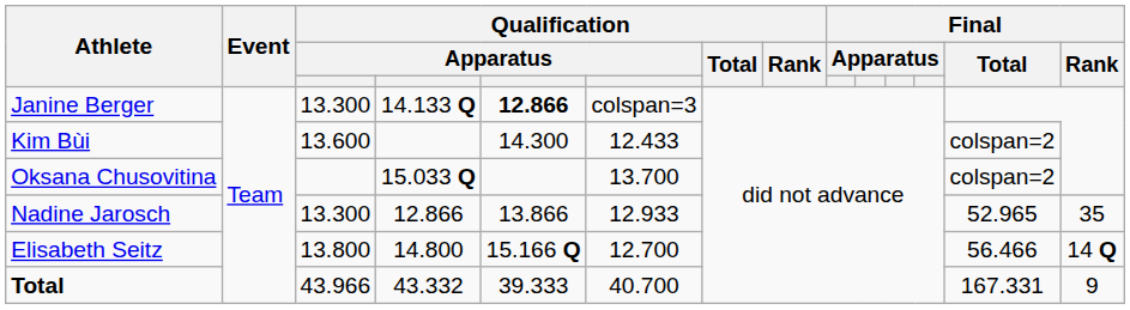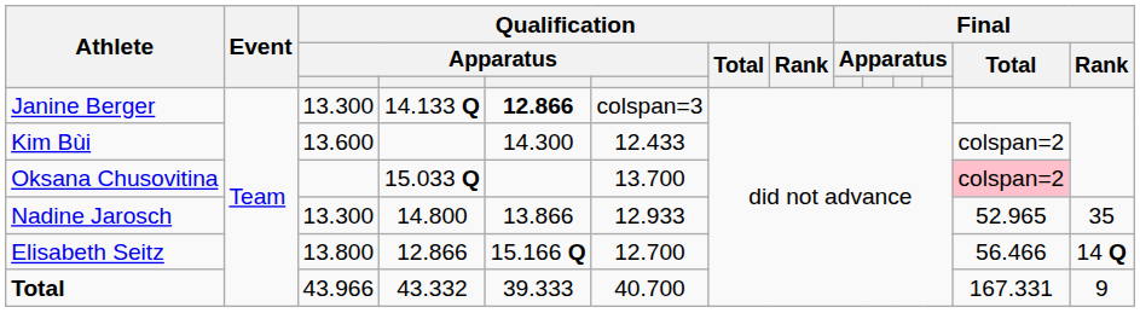 <table class="wikitable" style="font-size:90%">
 <tr>
 <th rowspan=3>Athlete</th>
 <th rowspan=3>Event</th>
 <th colspan=6>Qualification</th>
 <th colspan=6>Final</th>
 </tr>
 <tr style="font-size:95%">
 <th colspan=4>Apparatus</th>
 <th rowspan=2>Total</th>
 <th rowspan=2>Rank</th>
 <th colspan=4>Apparatus</th>
 <th rowspan=2>Total</th>
 <th rowspan=2>Rank</th>
 </tr>
 <tr style="font-size:95%">
 <th></th>
 <th></th>
 <th></th>
 <th></th>
 <th></th>
 <th></th>
 <th></th>
 <th></th>
 </tr>
 <tr align=center>
 <td align=left><a href='#'>Janine Berger</a></td>
 <td align=left rowspan=6><a href='#'>Team</a></td>
 <td>13.300</td>
 <td>14.133 <strong>Q</strong></td>
 <td><strong>12.866</strong></td>
 <td>colspan=3 </td>
 <td rowspan=6 colspan=6>did not advance</td>
 </tr>
 <tr align=center>
 <td align=left><a href='#'>Kim Bùi</a></td>
 <td>13.600</td>
 <td></td>
 <td>14.300</td>
 <td>12.433</td>
 <td>colspan=2 </td>
 </tr>
 <tr align=center>
 <td align=left><a href='#'>Oksana Chusovitina</a></td>
 <td></td>
 <td>15.033 <strong>Q</strong></td>
 <td></td>
 <td>13.700</td>
-<td>colspan=2 </td>
+<td style="background: pink;">colspan=2 </td>
 </tr>
 <tr align=center>
 <td align=left><a href='#'>Nadine Jarosch</a></td>
 <td>13.300</td>
-<td>12.866</td>
+<td>14.800</td>
 <td>13.866</td>
 <td>12.933</td>
 <td>52.965</td>
 <td>35</td>
 </tr>
 <tr align=center>
 <td align=left><a href='#'>Elisabeth Seitz</a></td>
 <td>13.800</td>
-<td>14.800</td>
+<td>12.866</td>
 <td>15.166 <strong>Q</strong></td>
 <td>12.700</td>
 <td>56.466</td>
 <td>14 <strong>Q</strong></td>
 </tr>
 <tr align=center>
 <td align=left><strong>Total</strong></td>
 <td>43.966</td>
 <td>43.332</td>
 <td>39.333</td>
 <td>40.700</td>
 <td>167.331</td>
 <td>9</td>
 </tr>
 </table>
